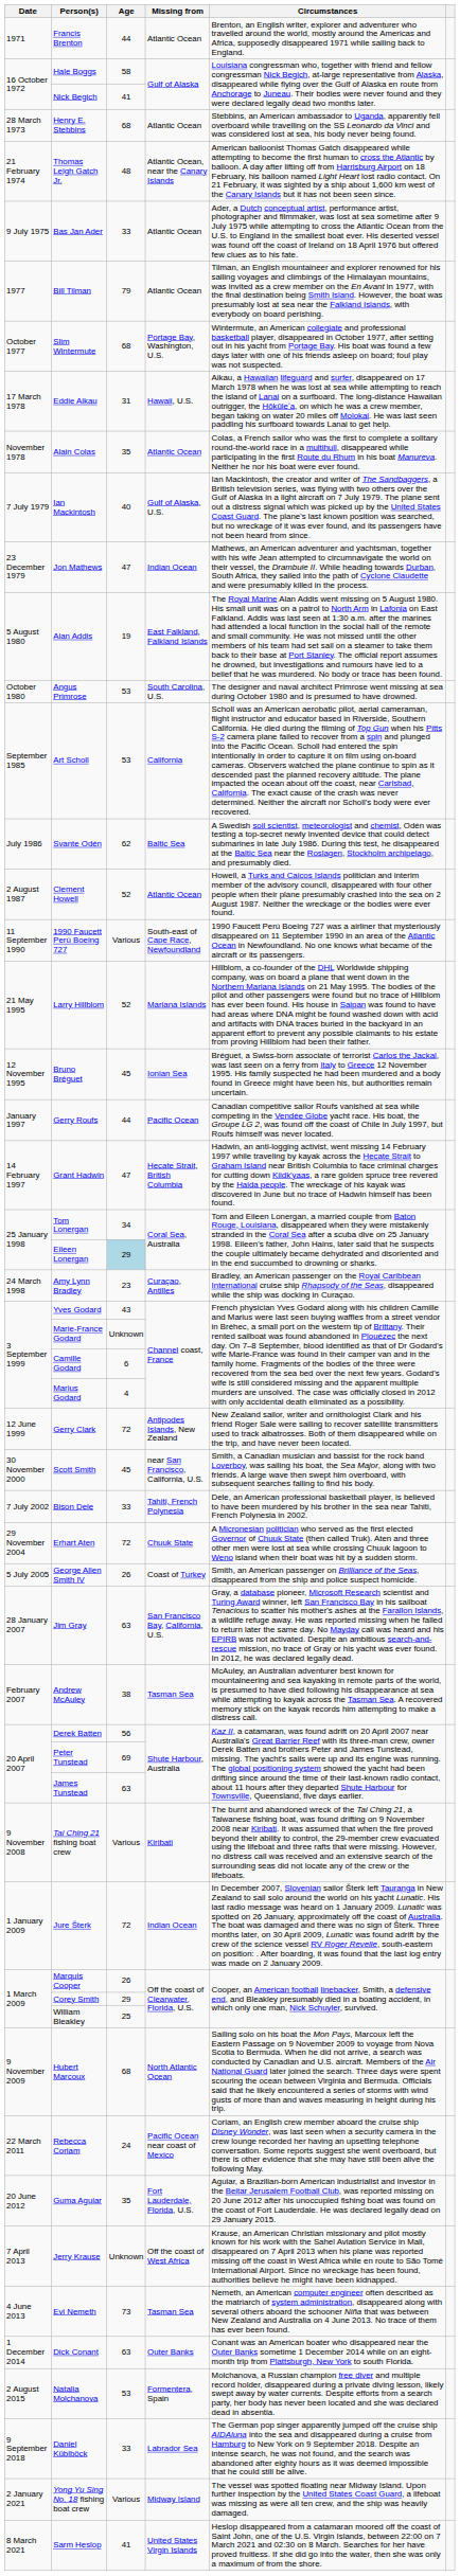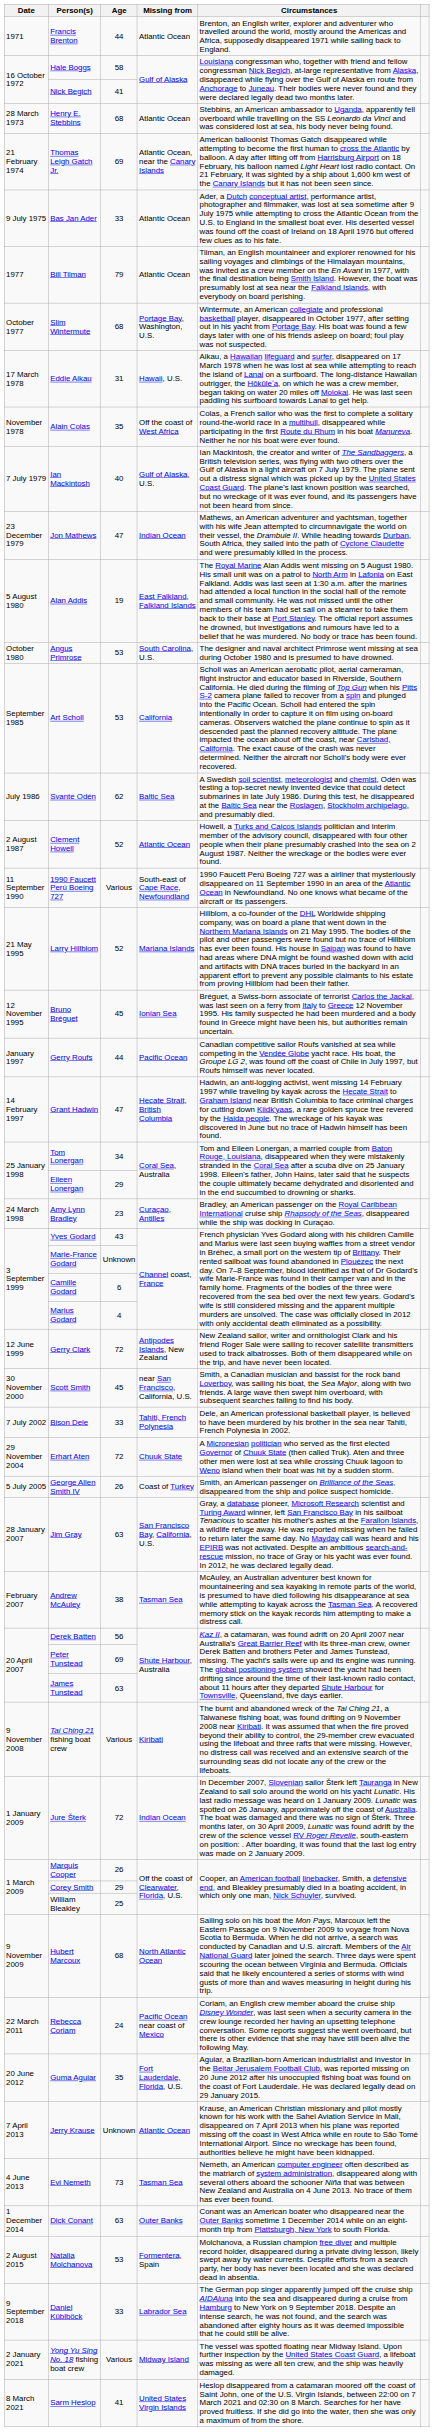 <table class="wikitable sortable plainrowheaders">
 <tr style="text-align:center;">
 <th>Date</th>
 <th>Person(s)</th>
 <th>Age</th>
 <th>Missing from</th>
 <th>Circumstances</th>
 <th width="10px"></th>
 </tr>
 <tr>
 <td data-sort-value="1971-01-01"> 1971</td>
 <td><a href='#'>Francis Brenton</a></td>
 <td style="text-align:center;">44</td>
 <td>Atlantic Ocean</td>
 <td>Brenton, an English writer, explorer and adventurer who travelled around the world, mostly around the Americas and Africa, supposedly disappeared  1971 while sailing back to England.</td>
 <td style="text-align:center"></td>
 </tr>
 <tr>
 <td rowspan="2" data-sort-value="1972-10-16">16 October 1972</td>
 <td><a href='#'>Hale Boggs</a></td>
 <td style="text-align:center;">58</td>
 <td rowspan="2"><a href='#'>Gulf of Alaska</a></td>
 <td rowspan="2"><a href='#'>Louisiana</a> congressman who, together with friend and fellow congressman <a href='#'>Nick Begich</a>, at-large representative from <a href='#'>Alaska</a>, disappeared while flying over the Gulf of Alaska en route from <a href='#'>Anchorage</a> to <a href='#'>Juneau</a>. Their bodies were never found and they were declared legally dead two months later.</td>
 <td rowspan="2" style="text-align:center"></td>
 </tr>
 <tr>
 <td><a href='#'>Nick Begich</a></td>
 <td style="text-align:center;">41</td>
 </tr>
 <tr>
 <td data-sort-value="1973-03-28">28 March 1973</td>
 <td><a href='#'>Henry E. Stebbins</a></td>
 <td style="text-align:center;">68</td>
 <td>Atlantic Ocean</td>
 <td>Stebbins, an American ambassador to <a href='#'>Uganda</a>, apparently fell overboard while travelling on the SS <em>Leonardo da Vinci</em> and was considered lost at sea, his body never being found.</td>
 <td style="text-align:center;"></td>
 </tr>
 <tr>
 <td data-sort-value="1974-02-21">21 February 1974</td>
 <td><a href='#'>Thomas Leigh Gatch Jr.</a></td>
-<td style="text-align:center;">48</td>
+<td style="text-align:center;">69</td>
 <td>Atlantic Ocean, near the <a href='#'>Canary Islands</a></td>
 <td>American balloonist Thomas Gatch disappeared while attempting to become the first human to <a href='#'>cross the Atlantic</a> by balloon. A day after lifting off from <a href='#'>Harrisburg Airport</a> on 18 February, his balloon named <em>Light Heart</em> lost radio contact. On 21 February, it was sighted by a ship about 1,600 km west of the <a href='#'>Canary Islands</a> but it has not been seen since.</td>
 <td style="text-align:center"></td>
 </tr>
 <tr>
 <td data-sort-value="1975-07-09">9 July 1975</td>
 <td><a href='#'>Bas Jan Ader</a></td>
 <td style="text-align:center;">33</td>
 <td>Atlantic Ocean</td>
 <td>Ader, a <a href='#'>Dutch</a> <a href='#'>conceptual artist</a>, performance artist, photographer and filmmaker, was lost at sea sometime after 9 July 1975 while attempting to cross the Atlantic Ocean from the U.S. to England in the smallest boat ever. His deserted vessel was found off the coast of Ireland on 18 April 1976 but offered few clues as to his fate.</td>
 <td style="text-align:center"></td>
 </tr>
 <tr>
 <td data-sort-value="1977-01-01">1977</td>
 <td><a href='#'>Bill Tilman</a></td>
 <td style="text-align:center;">79</td>
 <td>Atlantic Ocean</td>
 <td>Tilman, an English mountaineer and explorer renowned for his sailing voyages and climbings of the Himalayan mountains, was invited as a crew member on the <em>En Avant</em> in 1977, with the final destination being <a href='#'>Smith Island</a>. However, the boat was presumably lost at sea near the <a href='#'>Falkland Islands</a>, with everybody on board perishing.</td>
 <td style="text-align:center;"></td>
 </tr>
 <tr>
 <td data-sort-value="1977-10-01">October 1977</td>
 <td><a href='#'>Slim Wintermute</a></td>
 <td style="text-align:center;">68</td>
 <td><a href='#'>Portage Bay</a>, Washington, U.S.</td>
 <td>Wintermute, an American <a href='#'>collegiate</a> and professional <a href='#'>basketball</a> player, disappeared in October 1977, after setting out in his yacht from <a href='#'>Portage Bay</a>. His boat was found a few days later with one of his friends asleep on board; foul play was not suspected.</td>
 <td style="text-align:center"></td>
 </tr>
 <tr>
 <td data-sort-value="1978-03-17">17 March 1978</td>
 <td><a href='#'>Eddie Aikau</a></td>
 <td style="text-align:center;">31</td>
 <td><a href='#'>Hawaii</a>, U.S.</td>
 <td>Aikau, a <a href='#'>Hawaiian</a> <a href='#'>lifeguard</a> and <a href='#'>surfer</a>, disappeared on 17 March 1978 when he was lost at sea while attempting to reach the island of <a href='#'>Lanai</a> on a surfboard. The long-distance Hawaiian outrigger, the <a href='#'>Hōkūleʻa</a>, on which he was a crew member, began taking on water 20 miles off <a href='#'>Molokai</a>. He was last seen paddling his surfboard towards Lanai to get help.</td>
 <td style="text-align:center"></td>
 </tr>
 <tr>
 <td data-sort-value="1978-11-01">November 1978</td>
 <td><a href='#'>Alain Colas</a></td>
 <td style="text-align:center;">35</td>
-<td><a href='#'>Atlantic Ocean</a></td>
+<td>Off the coast of <a href='#'>West Africa</a></td>
 <td>Colas, a French sailor who was the first to complete a solitary round-the-world race in a <a href='#'>multihull</a>, disappeared while participating in the first <a href='#'>Route du Rhum</a> in his boat <em><a href='#'>Manureva</a></em>. Neither he nor his boat were ever found.</td>
 <td></td>
 </tr>
 <tr>
 <td data-sort-value="1979-07-07">7 July 1979</td>
 <td><a href='#'>Ian Mackintosh</a></td>
 <td style="text-align:center;">40</td>
 <td><a href='#'>Gulf of Alaska</a>, U.S.</td>
 <td>Ian Mackintosh, the creator and writer of <em><a href='#'>The Sandbaggers</a></em>, a British television series, was flying with two others over the Gulf of Alaska in a light aircraft on 7 July 1979. The plane sent out a distress signal which was picked up by the <a href='#'>United States Coast Guard</a>. The plane's last known position was searched, but no wreckage of it was ever found, and its passengers have not been heard from since.</td>
 <td style="text-align:center"></td>
 </tr>
 <tr>
 <td data-sort-value="1979-12-23">23 December 1979</td>
 <td><a href='#'>Jon Mathews</a></td>
 <td style="text-align:center;">47</td>
 <td><a href='#'>Indian Ocean</a></td>
 <td>Mathews, an American adventurer and yachtsman, together with his wife Jean attempted to circumnavigate the world on their vessel, the <em>Drambuie II</em>. While heading towards <a href='#'>Durban</a>, South Africa, they sailed into the path of <a href='#'>Cyclone Claudette</a> and were presumably killed in the process.</td>
 <td style="text-align:center"></td>
 </tr>
 <tr>
 <td data-sort-value="1980-08-05">5 August 1980</td>
 <td><a href='#'>Alan Addis</a></td>
 <td style="text-align:center;">19</td>
 <td><a href='#'>East Falkland</a>, <a href='#'>Falkland Islands</a></td>
 <td>The <a href='#'>Royal Marine</a> Alan Addis went missing on 5 August 1980. His small unit was on a patrol to <a href='#'>North Arm</a> in <a href='#'>Lafonia</a> on East Falkland. Addis was last seen at 1:30 a.m. after the marines had attended a local function in the social hall of the remote and small community. He was not missed until the other members of his team had set sail on a steamer to take them back to their base at <a href='#'>Port Stanley</a>. The official report assumes he drowned, but investigations and rumours have led to a belief that he was murdered. No body or trace has been found.</td>
 <td style="text-align:center"></td>
 </tr>
 <tr>
 <td data-sort-value="1980-10-01">October 1980</td>
 <td><a href='#'>Angus Primrose</a></td>
 <td style="text-align:center;">53</td>
 <td><a href='#'>South Carolina</a>, U.S.</td>
 <td>The designer and naval architect Primrose went missing at sea during October 1980 and is presumed to have drowned.</td>
 <td style="text-align:center"></td>
 </tr>
 <tr>
 <td data-sort-value="1985-09-01">September 1985</td>
 <td><a href='#'>Art Scholl</a></td>
 <td style="text-align:center;">53</td>
 <td><a href='#'>California</a></td>
 <td>Scholl was an American aerobatic pilot, aerial cameraman, flight instructor and educator based in Riverside, Southern California. He died during the filming of <em><a href='#'>Top Gun</a></em> when his <a href='#'>Pitts S-2</a> camera plane failed to recover from a <a href='#'>spin</a> and plunged into the Pacific Ocean. Scholl had entered the spin intentionally in order to capture it on film using on-board cameras. Observers watched the plane continue to spin as it descended past the planned recovery altitude. The plane impacted the ocean about  off the coast, near <a href='#'>Carlsbad, California</a>. The exact cause of the crash was never determined. Neither the aircraft nor Scholl's body were ever recovered.</td>
 <td style="text-align:center;"></td>
 </tr>
 <tr>
 <td data-sort-value="1986-07-01">July 1986</td>
 <td><a href='#'>Svante Odén</a></td>
 <td style="text-align:center;">62</td>
 <td><a href='#'>Baltic Sea</a></td>
 <td>A Swedish <a href='#'>soil scientist</a>, <a href='#'>meteorologist</a> and <a href='#'>chemist</a>, Odén was testing a top-secret newly invented device that could detect submarines in late July 1986. During this test, he disappeared at the <a href='#'>Baltic Sea</a> near the <a href='#'>Roslagen</a>, <a href='#'>Stockholm archipelago</a>, and presumably died.</td>
 <td style="text-align:center;"></td>
 </tr>
 <tr>
 <td data-sort-value="1987-08-02">2 August 1987</td>
 <td><a href='#'>Clement Howell</a></td>
 <td style="text-align:center;">52</td>
 <td><a href='#'>Atlantic Ocean</a></td>
 <td>Howell, a <a href='#'>Turks and Caicos Islands</a> politician and interim member of the advisory council, disappeared with four other people when their plane presumably crashed into the sea on 2 August 1987. Neither the wreckage or the bodies were ever found.</td>
 <td style="text-align:center;"></td>
 </tr>
 <tr>
 <td data-sort-value="1990-09-11">11 September 1990</td>
 <td><a href='#'>1990 Faucett Perú Boeing 727</a></td>
 <td style="text-align:center;">Various</td>
 <td>South-east of <a href='#'>Cape Race</a>, <a href='#'>Newfoundland</a></td>
 <td>1990 Faucett Perú Boeing 727 was a airliner that mysteriously disappeared on 11 September 1990 in an area of the <a href='#'>Atlantic Ocean</a> in Newfoundland. No one knows what became of the aircraft or its passengers.</td>
 <td style="text-align:center;"></td>
 </tr>
 <tr>
 <td data-sort-value="1995-05-21">21 May 1995</td>
 <td><a href='#'>Larry Hillblom</a></td>
 <td style="text-align:center;">52</td>
 <td><a href='#'>Mariana Islands</a></td>
 <td>Hillblom, a co-founder of the <a href='#'>DHL</a> Worldwide shipping company, was on board a plane that went down in the <a href='#'>Northern Mariana Islands</a> on 21 May 1995. The bodies of the pilot and other passengers were found but no trace of Hillblom has ever been found. His house in <a href='#'>Saipan</a> was found to have had areas where DNA might be found washed down with acid and artifacts with DNA traces buried in the backyard in an apparent effort to prevent any possible claimants to his estate from proving Hillblom had been their father.</td>
 <td style="text-align:center;"></td>
 </tr>
 <tr>
 <td data-sort-value="1995-11-12">12 November 1995</td>
 <td><a href='#'>Bruno Bréguet</a></td>
 <td style="text-align:center;">45</td>
 <td><a href='#'>Ionian Sea</a></td>
 <td>Bréguet, a Swiss-born associate of terrorist <a href='#'>Carlos the Jackal</a>, was last seen on a ferry from <a href='#'>Italy</a> to <a href='#'>Greece</a> 12 November 1995. His family suspected he had been murdered and a body found in Greece might have been his, but authorities remain uncertain.</td>
 <td style="text-align:center;"></td>
 </tr>
 <tr>
 <td data-sort-value="1997-01-01">January 1997</td>
 <td><a href='#'>Gerry Roufs</a></td>
 <td style="text-align:center;">44</td>
 <td><a href='#'>Pacific Ocean</a></td>
 <td>Canadian competitive sailor Roufs vanished at sea while competing in the <a href='#'>Vendée Globe</a> yacht race. His boat, the <em>Groupe LG 2</em>, was found off the coast of Chile in July 1997, but Roufs himself was never located.</td>
 <td></td>
 </tr>
 <tr>
 <td data-sort-value="1997-02-14">14 February 1997</td>
 <td><a href='#'>Grant Hadwin</a></td>
 <td style="text-align:center;">47</td>
 <td><a href='#'>Hecate Strait</a>, <a href='#'>British Columbia</a></td>
 <td>Hadwin, an anti-logging activist, went missing 14 February 1997 while traveling by kayak across the <a href='#'>Hecate Strait</a> to <a href='#'>Graham Island</a> near British Columbia to face criminal charges for cutting down <a href='#'>Kiidk'yaas</a>, a rare golden spruce tree revered by the <a href='#'>Haida people</a>. The wreckage of his kayak was discovered in June but no trace of Hadwin himself has been found.</td>
 <td style="text-align:center;"></td>
 </tr>
 <tr>
 <td rowspan="2" data-sort-value="1998-01-25">25 January 1998</td>
 <td><a href='#'>Tom Lonergan</a></td>
 <td style="text-align:center;">34</td>
 <td rowspan="2"><a href='#'>Coral Sea</a>, Australia</td>
 <td rowspan="2">Tom and Eileen Lonergan, a married couple from <a href='#'>Baton Rouge, Louisiana</a>, disappeared when they were mistakenly stranded in the <a href='#'>Coral Sea</a> after a scuba dive on 25 January 1998. Eileen's father, John Hains, later said that he suspects the couple ultimately became dehydrated and disoriented and in the end succumbed to drowning or sharks.</td>
 <td style="text-align:center;" rowspan="2"></td>
 </tr>
 <tr>
 <td><a href='#'>Eileen Lonergan</a></td>
-<td style="background: lightblue; text-align:center;">29</td>
+<td style="text-align:center;">29</td>
 </tr>
 <tr>
 <td data-sort-value="1998-03-24">24 March 1998</td>
 <td><a href='#'>Amy Lynn Bradley</a></td>
 <td style="text-align:center;">23</td>
 <td><a href='#'>Curaçao</a>, <a href='#'>Antilles</a></td>
 <td>Bradley, an American passenger on the <a href='#'>Royal Caribbean International</a> cruise ship <a href='#'><em>Rhapsody of the Seas</em></a>, disappeared while the ship was docking in Curaçao.</td>
 <td style="text-align:center;"></td>
 </tr>
 <tr>
 <td rowspan="4" data-sort-value="1999-09-03">3 September 1999</td>
 <td><a href='#'>Yves Godard</a></td>
 <td style="text-align:center;">43</td>
 <td rowspan="4"><a href='#'>Channel</a> coast, <a href='#'>France</a></td>
 <td rowspan="4">French physician Yves Godard along with his children Camille and Marius were last seen buying waffles from a street vendor in Bréhec, a small port on the western tip of <a href='#'>Brittany</a>. Their rented sailboat was found abandoned in <a href='#'>Plouézec</a> the next day. On 7–8 September, blood identified as that of Dr Godard's wife Marie-France was found in their camper van and in the family home. Fragments of the bodies of the three were recovered from the sea bed over the next few years. Godard's wife is still considered missing and the apparent multiple murders are unsolved. The case was officially closed in 2012 with only accidental death eliminated as a possibility.</td>
 <td style="text-align:center;" rowspan="4"></td>
 </tr>
 <tr>
 <td><a href='#'>Marie-France Godard</a></td>
 <td style="text-align:center;">Unknown</td>
 </tr>
 <tr>
 <td><a href='#'>Camille Godard</a></td>
 <td style="text-align:center;">6</td>
 </tr>
 <tr>
 <td><a href='#'>Marius Godard</a></td>
 <td style="text-align:center;">4</td>
 </tr>
 <tr>
 <td data-sort-value="1999-06-12">12 June 1999</td>
 <td><a href='#'>Gerry Clark</a></td>
 <td style="text-align:center;">72</td>
 <td><a href='#'>Antipodes Islands</a>, New Zealand</td>
 <td>New Zealand sailor, writer and ornithologist Clark and his friend Roger Sale were sailing to recover satellite transmitters used to track albatrosses. Both of them disappeared while on the trip, and have never been located.</td>
 <td style="text-align:center;"></td>
 </tr>
 <tr>
 <td data-sort-value="2000-11-30">30 November 2000</td>
 <td><a href='#'>Scott Smith</a></td>
 <td style="text-align:center;">45</td>
 <td>near <a href='#'>San Francisco</a>, California, U.S.</td>
 <td>Smith, a Canadian musician and bassist for the rock band <a href='#'>Loverboy</a>, was sailing his boat, the <em>Sea Major</em>, along with two friends. A large wave then swept him overboard, with subsequent searches failing to find his body.</td>
 <td style="text-align:center;"></td>
 </tr>
 <tr>
 <td data-sort-value="2002-07-07">7 July 2002</td>
 <td><a href='#'>Bison Dele</a></td>
 <td style="text-align:center;">33</td>
 <td><a href='#'>Tahiti, French Polynesia</a></td>
 <td>Dele, an American professional basketball player, is believed to have been murdered by his brother in the sea near Tahiti, French Polynesia in 2002.</td>
 <td style="text-align:center;"></td>
 </tr>
 <tr>
 <td data-sort-value="2004-11-29"> 29 November 2004</td>
 <td><a href='#'>Erhart Aten</a></td>
 <td style="text-align:center;">72</td>
 <td><a href='#'>Chuuk State</a></td>
 <td>A <a href='#'>Micronesian</a> <a href='#'>politician</a> who served as the first elected <a href='#'>Governor</a> of <a href='#'>Chuuk State</a> (then called Truk). Aten and three other men were lost at sea while crossing Chuuk lagoon to <a href='#'>Weno</a> island when their boat was hit by a sudden storm.</td>
 <td style="text-align:center"></td>
 </tr>
 <tr>
 <td data-sort-value="2005-07-05">5 July 2005</td>
 <td><a href='#'>George Allen Smith IV</a></td>
 <td style="text-align:center;">26</td>
 <td>Coast of <a href='#'>Turkey</a></td>
 <td>Smith, an American passenger on <em><a href='#'>Brilliance of the Seas</a></em>, disappeared from the ship and police suspect homicide.</td>
 <td style="text-align:center"></td>
 </tr>
 <tr>
 <td data-sort-value="2007-01-28">28 January 2007</td>
 <td><a href='#'>Jim Gray</a></td>
 <td style="text-align:center;">63</td>
 <td><a href='#'>San Francisco Bay</a>, <a href='#'>California</a>, U.S.</td>
 <td>Gray, a <a href='#'>database</a> pioneer, <a href='#'>Microsoft Research</a> scientist and <a href='#'>Turing Award</a> winner, left <a href='#'>San Francisco Bay</a> in his  sailboat <em>Tenacious</em> to scatter his mother's ashes at the <a href='#'>Farallon Islands</a>, a wildlife refuge  away. He was reported missing when he failed to return later the same day. No <a href='#'>Mayday</a> call was heard and his <a href='#'>EPIRB</a> was not activated. Despite an ambitious <a href='#'>search-and-rescue</a> mission, no trace of Gray or his yacht was ever found. In 2012, he was declared legally dead.</td>
 <td style="text-align:center;"></td>
 </tr>
 <tr>
 <td data-sort-value="2007-02-01">February 2007</td>
 <td><a href='#'>Andrew McAuley</a></td>
 <td style="text-align:center;">38</td>
 <td><a href='#'>Tasman Sea</a></td>
 <td>McAuley, an Australian adventurer best known for mountaineering and sea kayaking in remote parts of the world, is presumed to have died following his disappearance at sea while attempting to kayak  across the <a href='#'>Tasman Sea</a>. A recovered memory stick on the kayak records him attempting to make a distress call.</td>
 <td style="text-align:center;"></td>
 </tr>
 <tr>
 <td rowspan="3" data-sort-value="2007-04-20">20 April 2007</td>
 <td><a href='#'>Derek Batten</a></td>
 <td style="text-align:center;">56</td>
 <td rowspan="3"><a href='#'>Shute Harbour</a>, Australia</td>
 <td rowspan="3"><em><a href='#'>Kaz II</a></em>, a  catamaran, was found adrift on 20 April 2007 near Australia's <a href='#'>Great Barrier Reef</a> with its three-man crew, owner Derek Batten and brothers Peter and James Tunstead, missing. The yacht's sails were up and its engine was running. The <a href='#'>global positioning system</a> showed the yacht had been drifting since around the time of their last-known radio contact, about 11 hours after they departed <a href='#'>Shute Harbour</a> for <a href='#'>Townsville</a>, Queensland, five days earlier.</td>
 <td rowspan="3" style="text-align:center;"></td>
 </tr>
 <tr>
 <td><a href='#'>Peter Tunstead</a></td>
 <td style="text-align:center;">69</td>
 </tr>
 <tr>
 <td><a href='#'>James Tunstead</a></td>
 <td style="text-align:center;">63</td>
 </tr>
 <tr>
 <td data-sort-value="2008-11-09">9 November 2008</td>
 <td><em><a href='#'>Tai Ching 21</a></em> fishing boat crew</td>
 <td style="text-align:center;">Various</td>
 <td><a href='#'>Kiribati</a></td>
 <td>The burnt and abandoned wreck of the <em>Tai Ching 21</em>, a Taiwanese fishing boat, was found drifting on 9 November 2008 near <a href='#'>Kiribati</a>. It was assumed that when the fire proved beyond their ability to control, the 29-member crew evacuated using the lifeboat and three rafts that were missing. However, no distress call was received and an extensive search of the surrounding seas did not locate any of the crew or the lifeboats.</td>
 <td style="text-align:center;"></td>
 </tr>
 <tr>
 <td data-sort-value="2009-01-01">1 January 2009</td>
 <td><a href='#'>Jure Šterk</a></td>
 <td style="text-align:center;">72</td>
 <td><a href='#'>Indian Ocean</a></td>
 <td>In December 2007, <a href='#'>Slovenian</a> sailor Šterk left <a href='#'>Tauranga</a> in New Zealand to sail solo around the world on his yacht <em>Lunatic</em>. His last radio message was heard on 1 January 2009. <em>Lunatic</em> was spotted on 26 January, approximately  off the coast of <a href='#'>Australia</a>. The boat was damaged and there was no sign of Šterk. Three months later, on 30 April 2009, <em>Lunatic</em> was found adrift by the crew of the science vessel <a href='#'>RV <em>Roger Revelle</em></a>,  south-eastern on position: . After boarding, it was found that the last log entry was made on 2 January 2009.</td>
 <td style="text-align:center;"></td>
 </tr>
 <tr>
 <td rowspan="3" data-sort-value="2009-02-28">1 March 2009</td>
 <td><a href='#'>Marquis Cooper</a></td>
 <td style="text-align:center;">26</td>
 <td rowspan="3">Off the coast of <a href='#'>Clearwater, Florida</a>, U.S.</td>
 <td rowspan="3">Cooper, an <a href='#'>American football</a> <a href='#'>linebacker</a>, Smith, a <a href='#'>defensive end</a>, and Bleakley presumably died in a boating accident, in which only one man, <a href='#'>Nick Schuyler</a>, survived.</td>
 <td rowspan="3" style="text-align:center"></td>
 </tr>
 <tr>
 <td><a href='#'>Corey Smith</a></td>
 <td style="text-align:center;">29</td>
 </tr>
 <tr>
 <td>William Bleakley</td>
 <td style="text-align:center;">25</td>
 </tr>
 <tr>
 <td data-sort-value="2009-11-09">9 November 2009</td>
 <td><a href='#'>Hubert Marcoux</a></td>
 <td style="text-align:center;">68</td>
 <td><a href='#'>North Atlantic Ocean</a></td>
 <td>Sailing solo on his boat the <em>Mon Pays</em>, Marcoux left the Eastern Passage on 9 November 2009 to voyage from Nova Scotia to Bermuda. When he did not arrive, a search was conducted by Canadian and U.S. aircraft. Members of the <a href='#'>Air National Guard</a> later joined the search. Three days were spent scouring the ocean between Virginia and Bermuda. Officials said that he likely encountered a series of storms with wind gusts of more than  and waves measuring  in height during his trip.</td>
 <td style="text-align:center;"></td>
 </tr>
 <tr>
 <td data-sort-value="2011-03-22">22 March 2011</td>
 <td><a href='#'>Rebecca Coriam</a></td>
 <td style="text-align:center;">24</td>
 <td><a href='#'>Pacific Ocean</a> near coast of <a href='#'>Mexico</a></td>
 <td>Coriam, an English crew member aboard the cruise ship <em><a href='#'>Disney Wonder</a></em>, was last seen when a security camera in the crew lounge recorded her having an upsetting telephone conversation. Some reports suggest she went overboard, but there is other evidence that she may have still been alive the following May.</td>
 <td style="text-align:center;"></td>
 </tr>
 <tr>
 <td data-sort-value="2012-06-20">20 June 2012</td>
 <td><a href='#'>Guma Aguiar</a></td>
 <td style="text-align:center;">35</td>
 <td><a href='#'>Fort Lauderdale, Florida</a>, U.S.</td>
 <td>Aguiar, a Brazilian-born American industrialist and investor in the <a href='#'>Beitar Jerusalem Football Club</a>, was reported missing on 20 June 2012 after his unoccupied fishing boat was found on the coast of Fort Lauderdale. He was declared legally dead on 29 January 2015.</td>
 <td style="text-align:center;"></td>
 </tr>
 <tr>
 <td>7 April 2013</td>
 <td><a href='#'>Jerry Krause</a></td>
 <td style="text-align:center;">Unknown</td>
-<td>Off the coast of <a href='#'>West Africa</a></td>
+<td><a href='#'>Atlantic Ocean</a></td>
 <td>Krause, an American Christian missionary and pilot mostly known for his work with the Sahel Aviation Service in Mali, disappeared on 7 April 2013 when his plane was reported missing off the coast in West Africa while en route to São Tomé International Airport. Since no wreckage has been found, authorities believe he might have been kidnapped.</td>
 <td style="text-align:center;"></td>
 </tr>
 <tr>
 <td data-sort-value="2013-06-04">4 June 2013</td>
 <td><a href='#'>Evi Nemeth</a></td>
 <td style="text-align:center;">73</td>
 <td><a href='#'>Tasman Sea</a></td>
 <td>Nemeth, an American <a href='#'>computer engineer</a> often described as the matriarch of <a href='#'>system administration</a>, disappeared along with several others aboard the schooner <em>Niña</em> that was between New Zealand and Australia on 4 June 2013. No trace of them has ever been found.</td>
 <td style="text-align:center;"></td>
 </tr>
 <tr>
 <td data-sort-value="2014-12-01"> 1 December 2014</td>
 <td><a href='#'>Dick Conant</a></td>
 <td style="text-align:center;">63</td>
 <td><a href='#'>Outer Banks</a></td>
 <td>Conant was an American boater who disappeared near the <a href='#'>Outer Banks</a> sometime  1 December 2014 while on an eight-month trip from <a href='#'>Plattsburgh, New York</a> to south Florida.</td>
 <td style="text-align:center"></td>
 </tr>
 <tr>
 <td data-sort-value="2015-08-02">2 August 2015</td>
 <td><a href='#'>Natalia Molchanova</a></td>
 <td style="text-align:center;">53</td>
 <td><a href='#'>Formentera</a>, Spain</td>
 <td>Molchanova, a Russian champion <a href='#'>free diver</a> and multiple record holder, disappeared during a private diving lesson, likely swept away by water currents. Despite efforts from a search party, her body has never been located and she was declared dead in absentia.</td>
 <td style="text-align:center;"></td>
 </tr>
 <tr>
 <td data-sort-value="2018-09-09">9 September 2018</td>
 <td><a href='#'>Daniel Küblböck</a></td>
 <td style="text-align:center;">33</td>
 <td><a href='#'>Labrador Sea</a></td>
 <td>The German pop singer apparently jumped off the cruise ship <em><a href='#'>AIDAluna</a></em> into the sea and disappeared during a cruise from <a href='#'>Hamburg</a> to New York on 9 September 2018. Despite an intense search, he was not found, and the search was abandoned after eighty hours as it was deemed impossible that he could still be alive.</td>
 <td style="text-align:center;"></td>
 </tr>
 <tr>
 <td data-sort-value="2021-01-02">2 January 2021</td>
 <td><em><a href='#'>Yong Yu Sing No. 18</a></em> fishing boat crew</td>
 <td style="text-align:center;">Various</td>
 <td><a href='#'>Midway Island</a></td>
 <td>The vessel was spotted floating near Midway Island. Upon further inspection by the <a href='#'>United States Coast Guard</a>, a lifeboat was missing as were all ten crew, and the ship was heavily damaged.</td>
 <td style="text-align:center"></td>
 </tr>
 <tr>
 <td data-sort-value="2021-03-08">8 March 2021</td>
 <td><a href='#'>Sarm Heslop</a></td>
 <td style="text-align:center;">41</td>
 <td><a href='#'>United States Virgin Islands</a></td>
 <td>Heslop disappeared from a catamaran moored off the coast of Saint John, one of the U.S. Virgin Islands, between 22:00 on 7 March 2021 and 02:30 on 8 March. Searches for her have proved fruitless. If she did go into the water, then she was only a maximum of  from the shore.</td>
 <td style="text-align:center"></td>
 </tr>
 </table>
